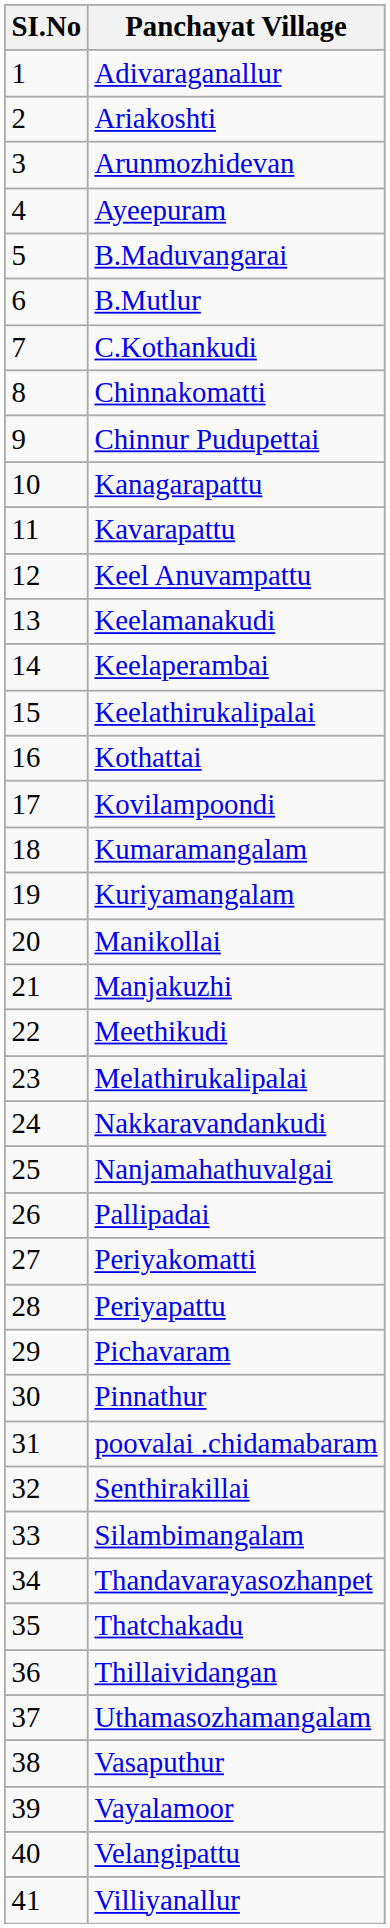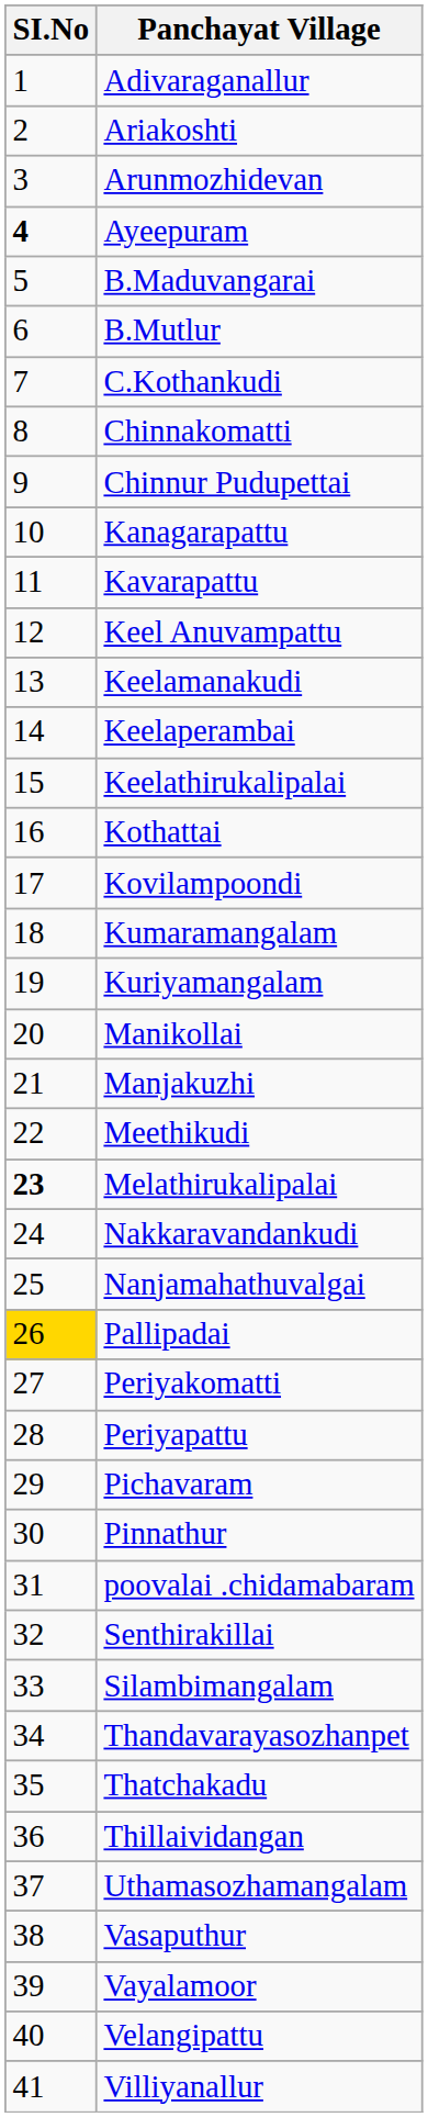 <table class="wikitable sortable">
 <tr>
 <th>SI.No</th>
 <th>Panchayat Village</th>
 </tr>
 <tr>
 <td>1</td>
 <td><a href='#'>Adivaraganallur</a></td>
 </tr>
 <tr>
 <td>2</td>
 <td><a href='#'>Ariakoshti</a></td>
 </tr>
 <tr>
 <td>3</td>
 <td><a href='#'>Arunmozhidevan</a></td>
 </tr>
 <tr>
-<td>4</td>
+<td><strong>4</strong></td>
 <td><a href='#'>Ayeepuram</a></td>
 </tr>
 <tr>
 <td>5</td>
 <td><a href='#'>B.Maduvangarai</a></td>
 </tr>
 <tr>
 <td>6</td>
 <td><a href='#'>B.Mutlur</a></td>
 </tr>
 <tr>
 <td>7</td>
 <td><a href='#'>C.Kothankudi</a></td>
 </tr>
 <tr>
 <td>8</td>
 <td><a href='#'>Chinnakomatti</a></td>
 </tr>
 <tr>
 <td>9</td>
 <td><a href='#'>Chinnur Pudupettai</a></td>
 </tr>
 <tr>
 <td>10</td>
 <td><a href='#'>Kanagarapattu</a></td>
 </tr>
 <tr>
 <td>11</td>
 <td><a href='#'>Kavarapattu</a></td>
 </tr>
 <tr>
 <td>12</td>
 <td><a href='#'>Keel Anuvampattu</a></td>
 </tr>
 <tr>
 <td>13</td>
 <td><a href='#'>Keelamanakudi</a></td>
 </tr>
 <tr>
 <td>14</td>
 <td><a href='#'>Keelaperambai</a></td>
 </tr>
 <tr>
 <td>15</td>
 <td><a href='#'>Keelathirukalipalai</a></td>
 </tr>
 <tr>
 <td>16</td>
 <td><a href='#'>Kothattai</a></td>
 </tr>
 <tr>
 <td>17</td>
 <td><a href='#'>Kovilampoondi</a></td>
 </tr>
 <tr>
 <td>18</td>
 <td><a href='#'>Kumaramangalam</a></td>
 </tr>
 <tr>
 <td>19</td>
 <td><a href='#'>Kuriyamangalam</a></td>
 </tr>
 <tr>
 <td>20</td>
 <td><a href='#'>Manikollai</a></td>
 </tr>
 <tr>
 <td>21</td>
 <td><a href='#'>Manjakuzhi</a></td>
 </tr>
 <tr>
 <td>22</td>
 <td><a href='#'>Meethikudi</a></td>
 </tr>
 <tr>
-<td>23</td>
+<td><strong>23</strong></td>
 <td><a href='#'>Melathirukalipalai</a></td>
 </tr>
 <tr>
 <td>24</td>
 <td><a href='#'>Nakkaravandankudi</a></td>
 </tr>
 <tr>
 <td>25</td>
 <td><a href='#'>Nanjamahathuvalgai</a></td>
 </tr>
 <tr>
-<td>26</td>
+<td style="background: gold;">26</td>
 <td><a href='#'>Pallipadai</a></td>
 </tr>
 <tr>
 <td>27</td>
 <td><a href='#'>Periyakomatti</a></td>
 </tr>
 <tr>
 <td>28</td>
 <td><a href='#'>Periyapattu</a></td>
 </tr>
 <tr>
 <td>29</td>
 <td><a href='#'>Pichavaram</a></td>
 </tr>
 <tr>
 <td>30</td>
 <td><a href='#'>Pinnathur</a></td>
 </tr>
 <tr>
 <td>31</td>
 <td><a href='#'>poovalai .chidamabaram</a></td>
 </tr>
 <tr>
 <td>32</td>
 <td><a href='#'>Senthirakillai</a></td>
 </tr>
 <tr>
 <td>33</td>
 <td><a href='#'>Silambimangalam</a></td>
 </tr>
 <tr>
 <td>34</td>
 <td><a href='#'>Thandavarayasozhanpet</a></td>
 </tr>
 <tr>
 <td>35</td>
 <td><a href='#'>Thatchakadu</a></td>
 </tr>
 <tr>
 <td>36</td>
 <td><a href='#'>Thillaividangan</a></td>
 </tr>
 <tr>
 <td>37</td>
 <td><a href='#'>Uthamasozhamangalam</a></td>
 </tr>
 <tr>
 <td>38</td>
 <td><a href='#'>Vasaputhur</a></td>
 </tr>
 <tr>
 <td>39</td>
 <td><a href='#'>Vayalamoor</a></td>
 </tr>
 <tr>
 <td>40</td>
 <td><a href='#'>Velangipattu</a></td>
 </tr>
 <tr>
 <td>41</td>
 <td><a href='#'>Villiyanallur</a></td>
 </tr>
 </table>
